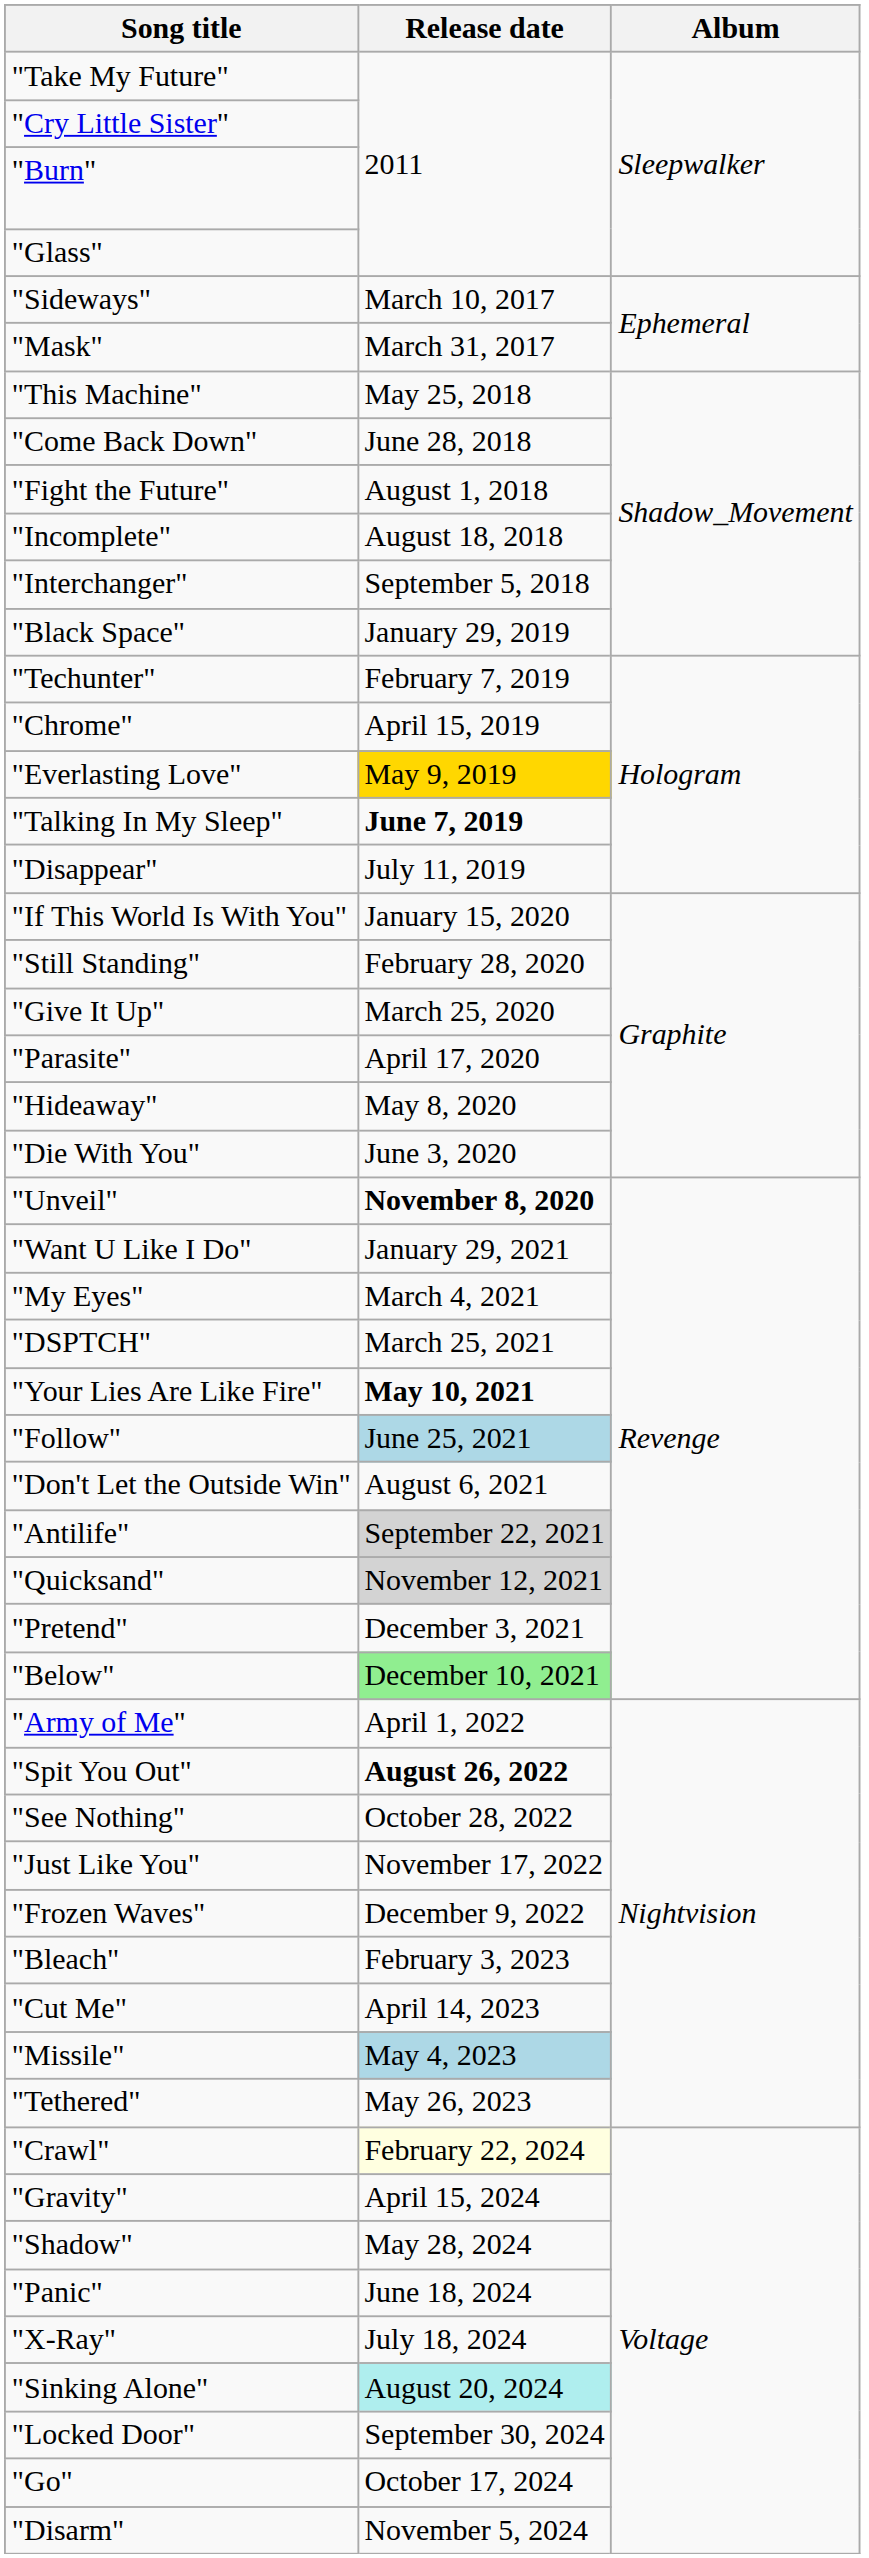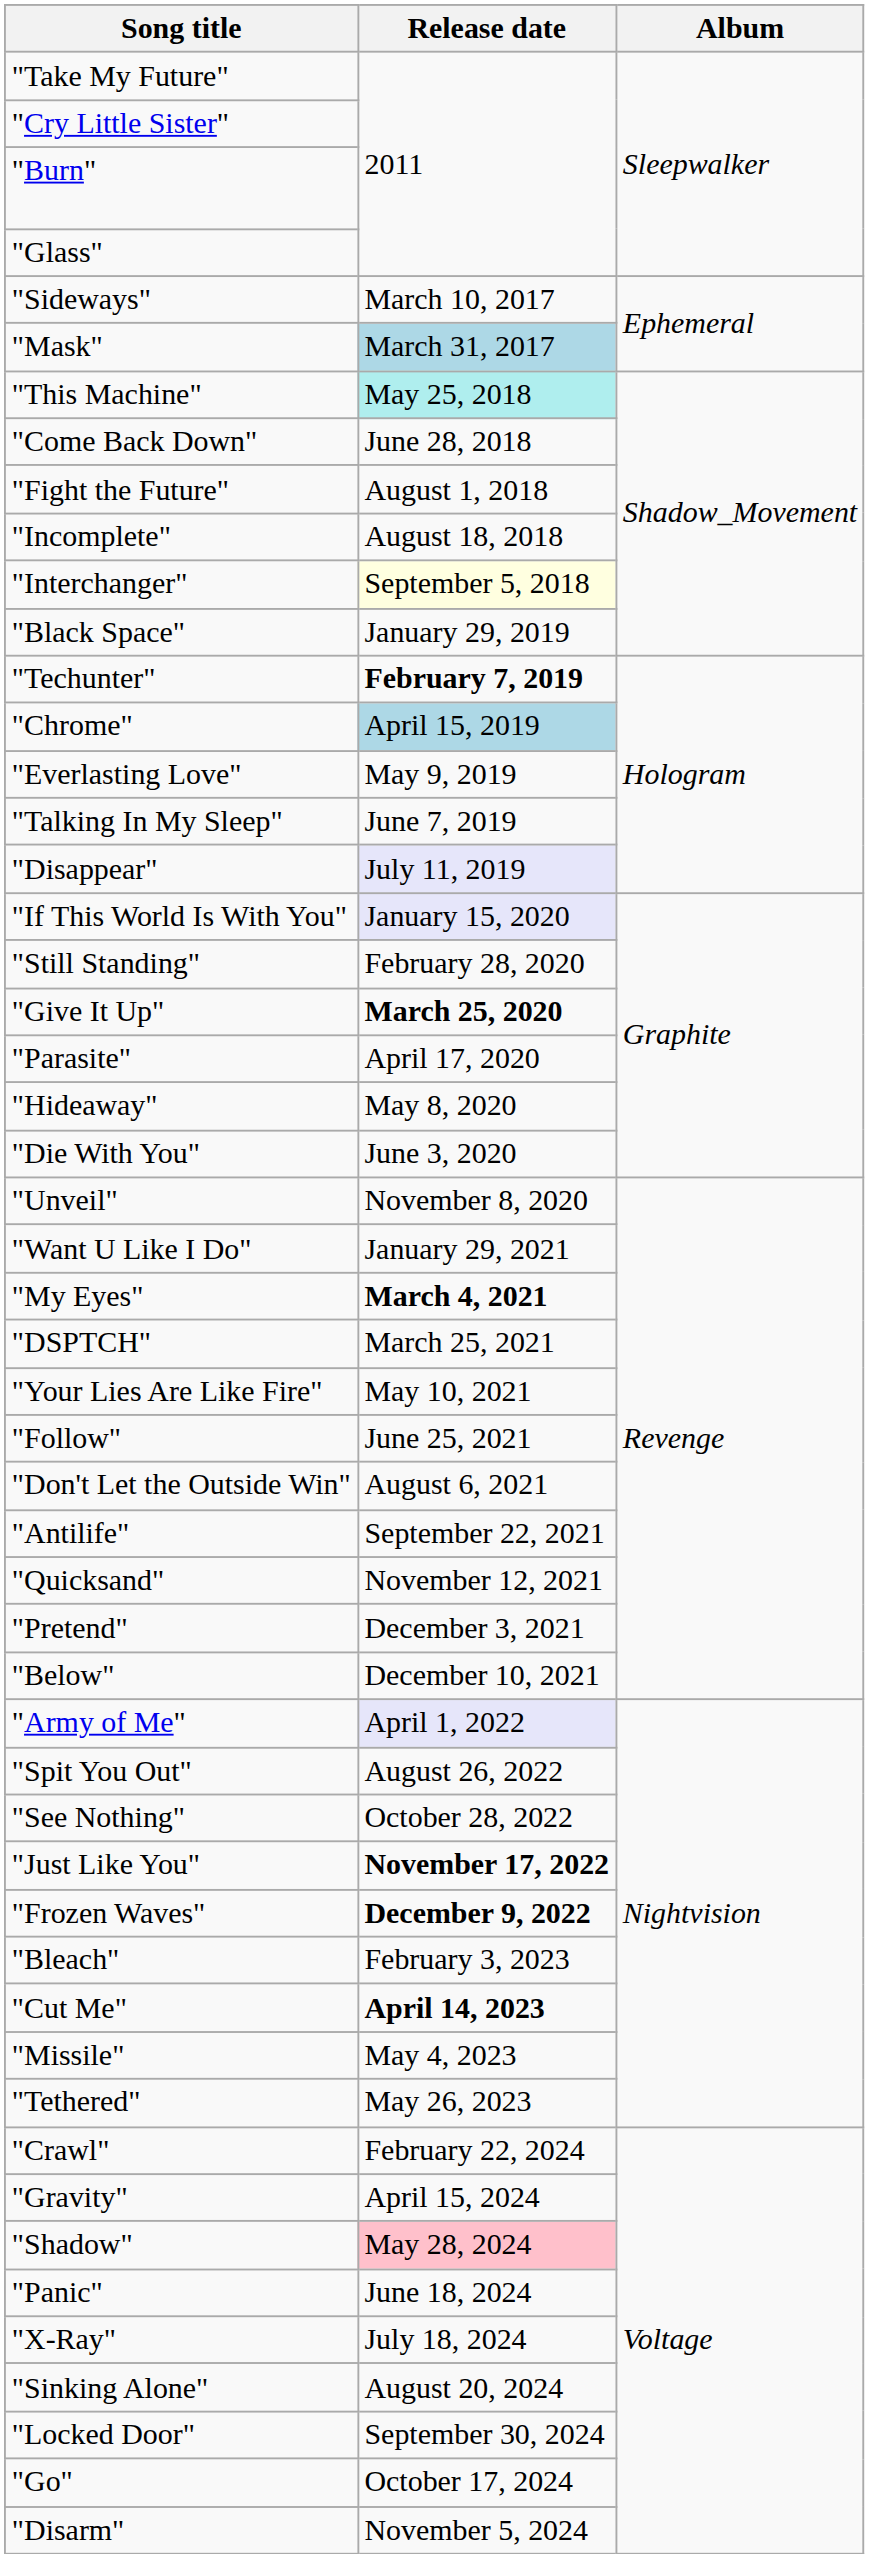 <table class=wikitable>
 <tr>
 <th>Song title</th>
 <th>Release date</th>
 <th>Album</th>
 </tr>
 <tr>
 <td>"Take My Future"</td>
 <td rowspan="4">2011</td>
 <td rowspan=4><em>Sleepwalker</em></td>
 </tr>
 <tr>
 <td>"<a href='#'>Cry Little Sister</a>"  <br></td>
 </tr>
 <tr>
 <td>"<a href='#'>Burn</a>" <br> <br></td>
 </tr>
 <tr>
 <td>"Glass"</td>
 </tr>
 <tr>
 <td>"Sideways"</td>
 <td>March 10, 2017</td>
 <td rowspan="2"><em>Ephemeral</em></td>
 </tr>
 <tr>
 <td>"Mask"</td>
-<td>March 31, 2017</td>
+<td style="background: lightblue;">March 31, 2017</td>
 </tr>
 <tr>
 <td>"This Machine"</td>
-<td>May 25, 2018</td>
+<td style="background: paleturquoise;">May 25, 2018</td>
 <td rowspan="6"><em>Shadow_Movement</em></td>
 </tr>
 <tr>
 <td>"Come Back Down"</td>
 <td>June 28, 2018</td>
 </tr>
 <tr>
 <td>"Fight the Future"</td>
 <td>August 1, 2018</td>
 </tr>
 <tr>
 <td>"Incomplete"</td>
 <td>August 18, 2018</td>
 </tr>
 <tr>
 <td>"Interchanger"</td>
-<td>September 5, 2018</td>
+<td style="background: lightyellow;">September 5, 2018</td>
 </tr>
 <tr>
 <td>"Black Space"</td>
 <td>January 29, 2019</td>
 </tr>
 <tr>
 <td>"Techunter"</td>
-<td>February 7, 2019</td>
+<td><strong>February 7, 2019</strong></td>
 <td rowspan="5"><em>Hologram</em></td>
 </tr>
 <tr>
 <td>"Chrome"</td>
-<td>April 15, 2019</td>
+<td style="background: lightblue;">April 15, 2019</td>
 </tr>
 <tr>
 <td>"Everlasting Love"</td>
-<td style="background: gold;">May 9, 2019</td>
+<td>May 9, 2019</td>
 </tr>
 <tr>
 <td>"Talking In My Sleep" <br></td>
-<td><strong>June 7, 2019</strong></td>
+<td>June 7, 2019</td>
 </tr>
 <tr>
 <td>"Disappear"</td>
-<td>July 11, 2019</td>
+<td style="background: lavender;">July 11, 2019</td>
 </tr>
 <tr>
 <td>"If This World Is With You"</td>
-<td>January 15, 2020</td>
+<td style="background: lavender;">January 15, 2020</td>
 <td rowspan="6"><em>Graphite</em></td>
 </tr>
 <tr>
 <td>"Still Standing"</td>
 <td>February 28, 2020</td>
 </tr>
 <tr>
 <td>"Give It Up"</td>
-<td>March 25, 2020</td>
+<td><strong>March 25, 2020</strong></td>
 </tr>
 <tr>
 <td>"Parasite" <br></td>
 <td>April 17, 2020</td>
 </tr>
 <tr>
 <td>"Hideaway"</td>
 <td>May 8, 2020</td>
 </tr>
 <tr>
 <td>"Die With You"</td>
 <td>June 3, 2020</td>
 </tr>
 <tr>
 <td>"Unveil"</td>
-<td><strong>November 8, 2020</strong></td>
+<td>November 8, 2020</td>
 <td rowspan="11"><em>Revenge</em></td>
 </tr>
 <tr>
 <td>"Want U Like I Do"</td>
 <td>January 29, 2021</td>
 </tr>
 <tr>
 <td>"My Eyes"</td>
-<td>March 4, 2021</td>
+<td><strong>March 4, 2021</strong></td>
 </tr>
 <tr>
 <td>"DSPTCH"</td>
 <td>March 25, 2021</td>
 </tr>
 <tr>
 <td>"Your Lies Are Like Fire" <br></td>
-<td><strong>May 10, 2021</strong></td>
+<td>May 10, 2021</td>
 </tr>
 <tr>
 <td>"Follow"</td>
-<td style="background: lightblue;">June 25, 2021</td>
+<td>June 25, 2021</td>
 </tr>
 <tr>
 <td>"Don't Let the Outside Win"</td>
 <td>August 6, 2021</td>
 </tr>
 <tr>
 <td>"Antilife" <br></td>
-<td style="background: lightgrey;">September 22, 2021</td>
+<td>September 22, 2021</td>
 </tr>
 <tr>
 <td>"Quicksand" <br></td>
-<td style="background: lightgrey;">November 12, 2021</td>
+<td>November 12, 2021</td>
 </tr>
 <tr>
 <td>"Pretend" <br></td>
 <td>December 3, 2021</td>
 </tr>
 <tr>
 <td>"Below"</td>
-<td style="background: lightgreen;">December 10, 2021</td>
+<td>December 10, 2021</td>
 </tr>
 <tr>
 <td>"<a href='#'>Army of Me</a>"<br></td>
-<td>April 1, 2022</td>
+<td style="background: lavender;">April 1, 2022</td>
 <td rowspan="9"><em>Nightvision</em></td>
 </tr>
 <tr>
 <td>"Spit You Out"<br></td>
-<td><strong>August 26, 2022</strong></td>
+<td>August 26, 2022</td>
 </tr>
 <tr>
 <td>"See Nothing"</td>
 <td>October 28, 2022</td>
 </tr>
 <tr>
 <td>"Just Like You"</td>
-<td>November 17, 2022</td>
+<td><strong>November 17, 2022</strong></td>
 </tr>
 <tr>
 <td>"Frozen Waves"</td>
-<td>December 9, 2022</td>
+<td><strong>December 9, 2022</strong></td>
 </tr>
 <tr>
 <td>"Bleach"</td>
 <td>February 3, 2023</td>
 </tr>
 <tr>
 <td>"Cut Me"</td>
-<td>April 14, 2023</td>
+<td><strong>April 14, 2023</strong></td>
 </tr>
 <tr>
 <td>"Missile"</td>
-<td style="background: lightblue;">May 4, 2023</td>
+<td>May 4, 2023</td>
 </tr>
 <tr>
 <td>"Tethered"</td>
 <td>May 26, 2023</td>
 </tr>
 <tr>
 <td>"Crawl" <br></td>
-<td style="background: lightyellow;">February 22, 2024</td>
+<td>February 22, 2024</td>
 <td rowspan="9"><em>Voltage</em></td>
 </tr>
 <tr>
 <td>"Gravity"</td>
 <td>April 15, 2024</td>
 </tr>
 <tr>
 <td>"Shadow"</td>
-<td>May 28, 2024</td>
+<td style="background: pink;">May 28, 2024</td>
 </tr>
 <tr>
 <td>"Panic"</td>
 <td>June 18, 2024</td>
 </tr>
 <tr>
 <td>"X-Ray"</td>
 <td>July 18, 2024</td>
 </tr>
 <tr>
 <td>"Sinking Alone"</td>
-<td style="background: paleturquoise;">August 20, 2024</td>
+<td>August 20, 2024</td>
 </tr>
 <tr>
 <td>"Locked Door"</td>
 <td>September 30, 2024</td>
 </tr>
 <tr>
 <td>"Go"</td>
 <td>October 17, 2024</td>
 </tr>
 <tr>
 <td>"Disarm"</td>
 <td>November 5, 2024</td>
 </tr>
 </table>
